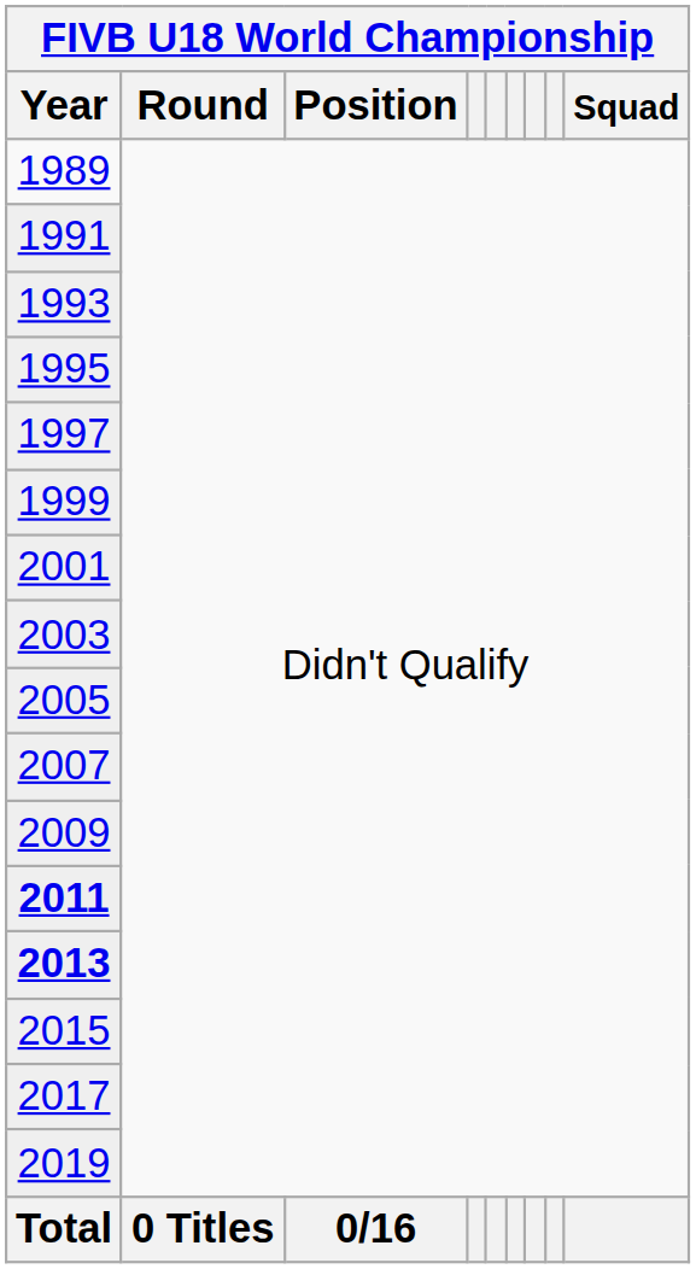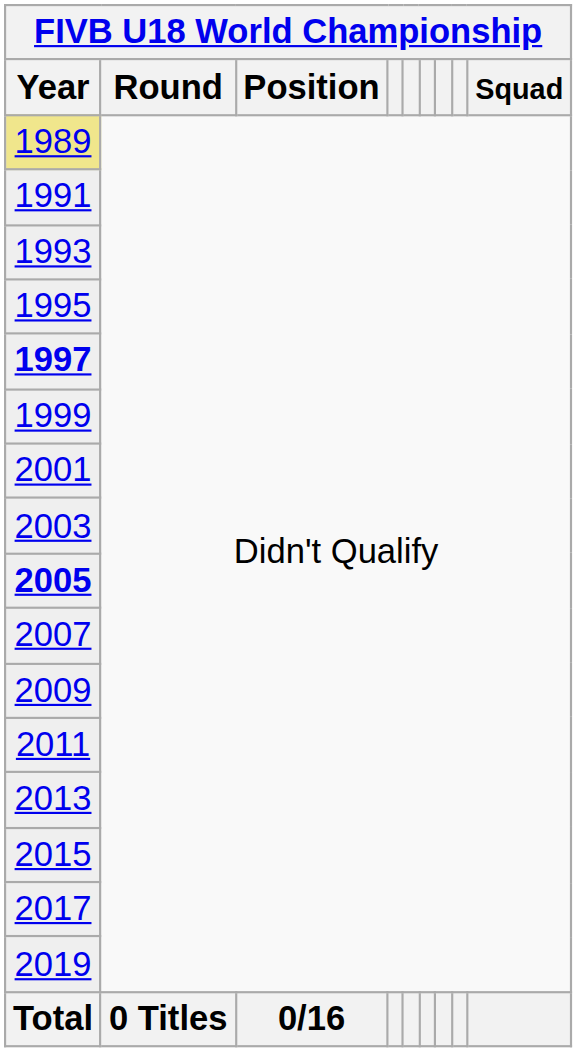 <table class="wikitable" style="text-align: center;">
 <tr>
 <th colspan=9><a href='#'>FIVB U18 World Championship</a></th>
 </tr>
 <tr>
 <th>Year</th>
 <th>Round</th>
 <th>Position</th>
 <th></th>
 <th></th>
 <th></th>
 <th></th>
 <th></th>
 <th><small>Squad</small></th>
 </tr>
 <tr>
-<td> <a href='#'>1989</a></td>
+<td style="background: khaki;"> <a href='#'>1989</a></td>
 <td colspan= 9 rowspan=16>Didn't Qualify</td>
 </tr>
 <tr bgcolor="efefef">
 <td> <a href='#'>1991</a></td>
 </tr>
 <tr bgcolor="efefef">
 <td> <a href='#'>1993</a></td>
 </tr>
 <tr bgcolor="efefef">
 <td> <a href='#'>1995</a></td>
 </tr>
 <tr bgcolor="efefef">
-<td> <a href='#'>1997</a></td>
+<td><strong> <a href='#'>1997</a></strong></td>
 </tr>
 <tr bgcolor="efefef">
 <td> <a href='#'>1999</a></td>
 </tr>
 <tr bgcolor="efefef">
 <td> <a href='#'>2001</a></td>
 </tr>
 <tr bgcolor="efefef">
 <td> <a href='#'>2003</a></td>
 </tr>
 <tr bgcolor="efefef">
-<td> <a href='#'>2005</a></td>
+<td><strong> <a href='#'>2005</a></strong></td>
 </tr>
 <tr bgcolor="efefef">
 <td> <a href='#'>2007</a></td>
 </tr>
 <tr bgcolor="efefef">
 <td> <a href='#'>2009</a></td>
 </tr>
 <tr bgcolor="efefef">
-<td><strong> <a href='#'>2011</a></strong></td>
+<td> <a href='#'>2011</a></td>
 </tr>
 <tr bgcolor="efefef">
-<td><strong> <a href='#'>2013</a></strong></td>
+<td> <a href='#'>2013</a></td>
 </tr>
 <tr bgcolor="efefef">
 <td> <a href='#'>2015</a></td>
 </tr>
 <tr bgcolor="efefef">
 <td> <a href='#'>2017</a></td>
 </tr>
 <tr bgcolor="efefef">
 <td> <a href='#'>2019</a></td>
 </tr>
 <tr>
 <th>Total</th>
 <th>0 Titles</th>
 <th>0/16</th>
 <th></th>
 <th></th>
 <th></th>
 <th></th>
 <th></th>
 <th></th>
 </tr>
 </table>
